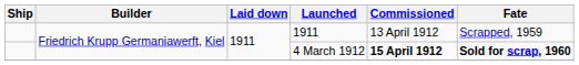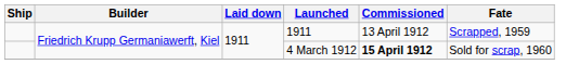 <table class="wikitable plainrowheaders">
 <tr>
 <th scope="col”">Ship</th>
 <th scope="col”">Builder</th>
 <th scope="col”"><a href='#'>Laid down</a></th>
 <th scope="col”"><a href='#'>Launched</a></th>
 <th scope="col”"><a href='#'>Commissioned</a></th>
 <th scope="col”">Fate</th>
 </tr>
 <tr>
 <td scope="row”"></td>
 <td scope="rowgroup" rowspan="2"><a href='#'>Friedrich Krupp Germaniawerft</a>, <a href='#'>Kiel</a></td>
 <td scope="rowgroup" rowspan="2">1911</td>
 <td>1911</td>
 <td>13 April 1912</td>
 <td><a href='#'>Scrapped</a>, 1959</td>
 </tr>
 <tr>
 <td scope="row”"></td>
 <td>4 March 1912</td>
 <td><strong>15 April 1912</strong></td>
-<td><strong>Sold for <a href='#'>scrap</a>, 1960</strong></td>
+<td>Sold for <a href='#'>scrap</a>, 1960</td>
 </tr>
 <tr>
 </tr>
 </table>
